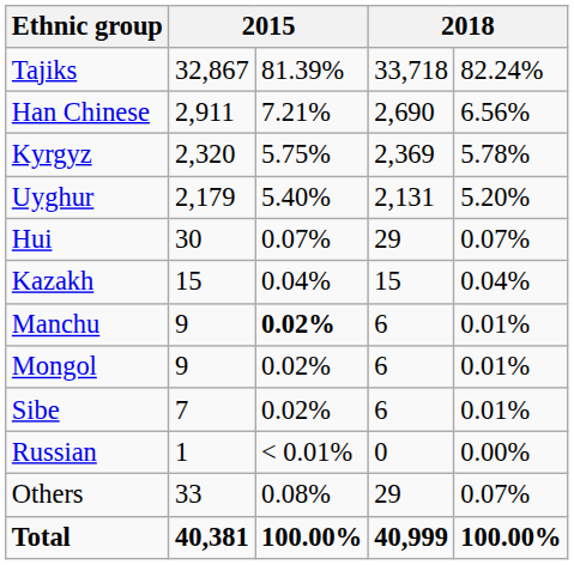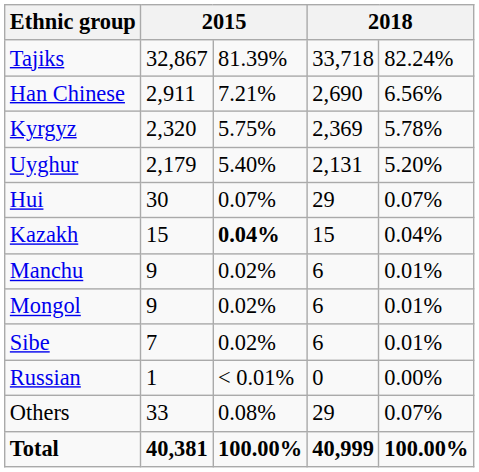 <table class="wikitable">
 <tr>
 <th>Ethnic group</th>
 <th colspan="2">2015</th>
 <th colspan="2">2018</th>
 </tr>
 <tr>
 <td><a href='#'>Tajiks</a></td>
 <td>32,867</td>
 <td>81.39%</td>
 <td>33,718</td>
 <td>82.24%</td>
 </tr>
 <tr>
 <td><a href='#'>Han Chinese</a></td>
 <td>2,911</td>
 <td>7.21%</td>
 <td>2,690</td>
 <td>6.56%</td>
 </tr>
 <tr>
 <td><a href='#'>Kyrgyz</a></td>
 <td>2,320</td>
 <td>5.75%</td>
 <td>2,369</td>
 <td>5.78%</td>
 </tr>
 <tr>
 <td><a href='#'>Uyghur</a></td>
 <td>2,179</td>
 <td>5.40%</td>
 <td>2,131</td>
 <td>5.20%</td>
 </tr>
 <tr>
 <td><a href='#'>Hui</a></td>
 <td>30</td>
 <td>0.07%</td>
 <td>29</td>
 <td>0.07%</td>
 </tr>
 <tr>
 <td><a href='#'>Kazakh</a></td>
 <td>15</td>
-<td>0.04%</td>
+<td><strong>0.04%</strong></td>
 <td>15</td>
 <td>0.04%</td>
 </tr>
 <tr>
 <td><a href='#'>Manchu</a></td>
 <td>9</td>
-<td><strong>0.02%</strong></td>
+<td>0.02%</td>
 <td>6</td>
 <td>0.01%</td>
 </tr>
 <tr>
 <td><a href='#'>Mongol</a></td>
 <td>9</td>
 <td>0.02%</td>
 <td>6</td>
 <td>0.01%</td>
 </tr>
 <tr>
 <td><a href='#'>Sibe</a></td>
 <td>7</td>
 <td>0.02%</td>
 <td>6</td>
 <td>0.01%</td>
 </tr>
 <tr>
 <td><a href='#'>Russian</a></td>
 <td>1</td>
 <td>< 0.01%</td>
 <td>0</td>
 <td>0.00%</td>
 </tr>
 <tr>
 <td>Others</td>
 <td>33</td>
 <td>0.08%</td>
 <td>29</td>
 <td>0.07%</td>
 </tr>
 <tr>
 <td><strong>Total</strong></td>
 <td><strong>40,381</strong></td>
 <td><strong>100.00%</strong></td>
 <td><strong>40,999</strong></td>
 <td><strong>100.00%</strong></td>
 </tr>
 </table>
